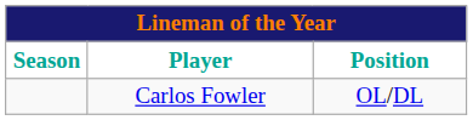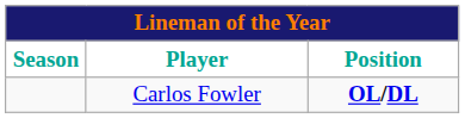 <table class="wikitable sortable" style="text-align:center">
 <tr>
 <td colspan="4" style="background:#191970; color:#FF7F00;"><strong>Lineman of the Year</strong></td>
 </tr>
 <tr>
 <th style="width:50px; background:white; color:#00A693;">Season</th>
 <th style="width:150px; background:white; color:#00A693;">Player</th>
 <th style="width:100px; background:white; color:#00A693;">Position</th>
 </tr>
 <tr>
 <td></td>
 <td><a href='#'>Carlos Fowler</a></td>
-<td><a href='#'>OL</a>/<a href='#'>DL</a></td>
+<td><strong><a href='#'>OL</a>/<a href='#'>DL</a></strong></td>
 </tr>
 </table>
